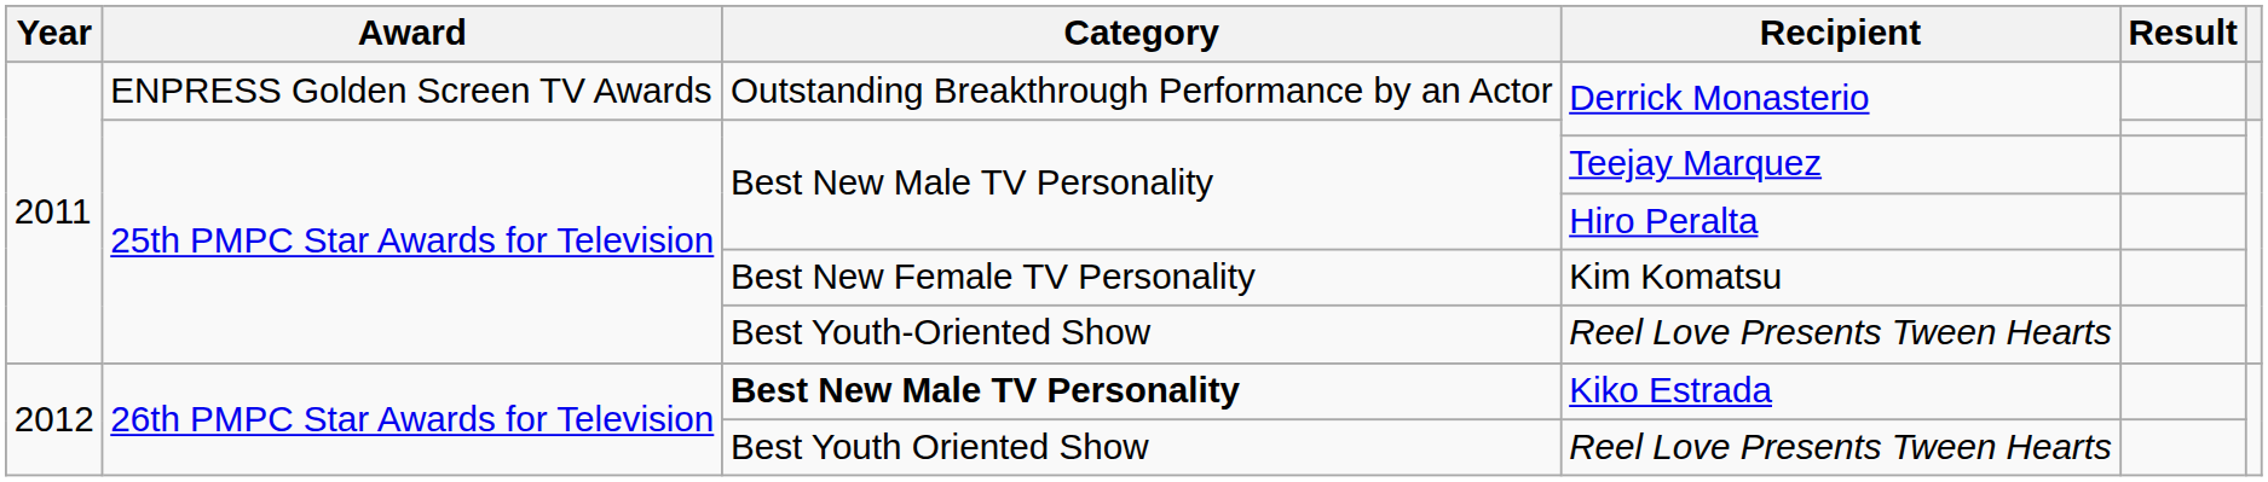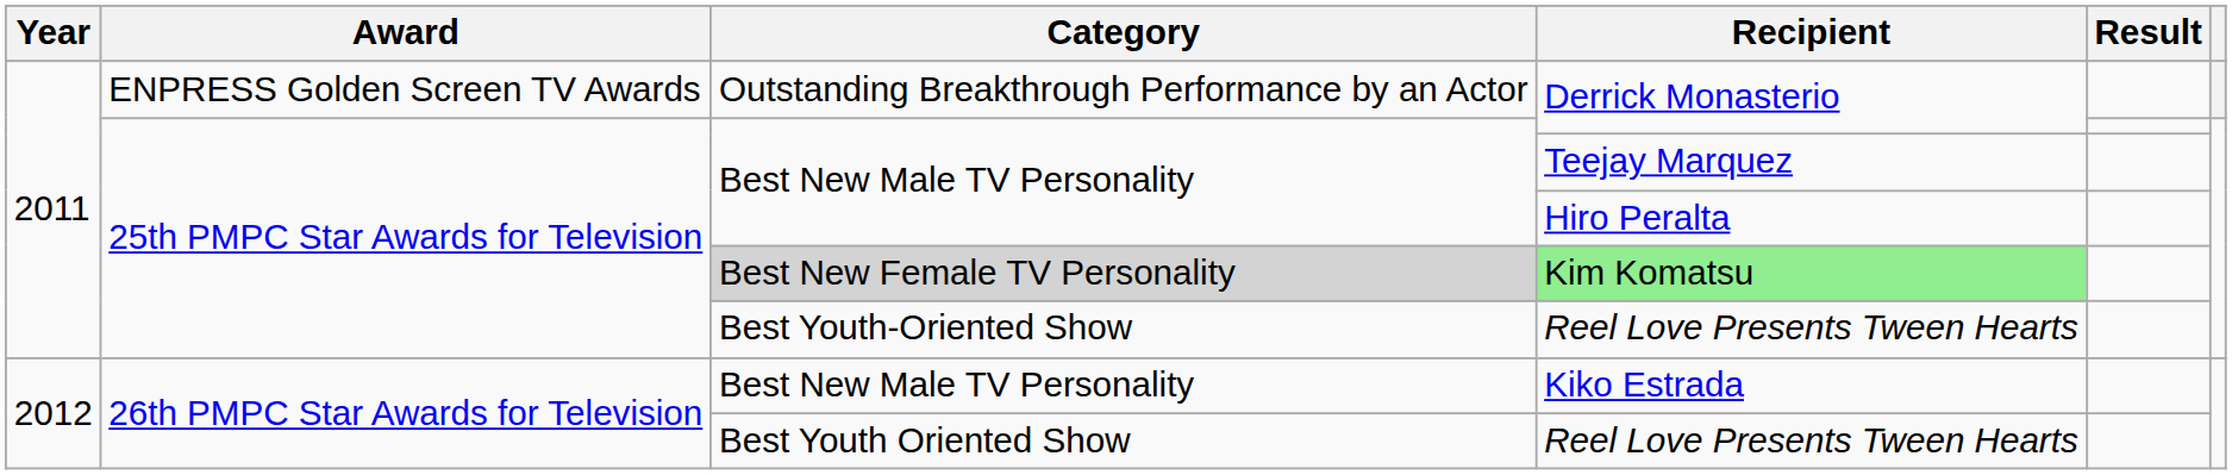 <table class="wikitable">
 <tr>
 <th>Year</th>
 <th>Award</th>
 <th>Category</th>
 <th>Recipient</th>
 <th>Result</th>
 <th></th>
 </tr>
 <tr>
 <td rowspan=6>2011</td>
 <td>ENPRESS Golden Screen TV Awards</td>
 <td>Outstanding Breakthrough Performance by an Actor</td>
 <td rowspan=2><a href='#'>Derrick Monasterio</a></td>
 <td></td>
 <th></th>
 </tr>
 <tr>
 <td rowspan=5><a href='#'>25th PMPC Star Awards for Television</a></td>
 <td rowspan=3>Best New Male TV Personality</td>
 <td></td>
 <td rowspan=5></td>
 </tr>
 <tr>
 <td><a href='#'>Teejay Marquez</a></td>
 <td></td>
 </tr>
 <tr>
 <td><a href='#'>Hiro Peralta</a></td>
 <td></td>
 </tr>
 <tr>
-<td>Best New Female TV Personality</td>
-<td>Kim Komatsu</td>
+<td style="background: lightgrey;">Best New Female TV Personality</td>
+<td style="background: lightgreen;">Kim Komatsu</td>
 <td></td>
 </tr>
 <tr>
 <td>Best Youth-Oriented Show</td>
 <td><em>Reel Love Presents Tween Hearts</em></td>
 <td></td>
 </tr>
 <tr>
 <td rowspan=2>2012</td>
 <td rowspan=2><a href='#'>26th PMPC Star Awards for Television</a></td>
-<td><strong>Best New Male TV Personality</strong></td>
+<td>Best New Male TV Personality</td>
 <td><a href='#'>Kiko Estrada</a></td>
 <td></td>
 <td rowspan=2></td>
 </tr>
 <tr>
 <td>Best Youth Oriented Show</td>
 <td><em>Reel Love Presents Tween Hearts</em></td>
 <td></td>
 </tr>
 </table>
